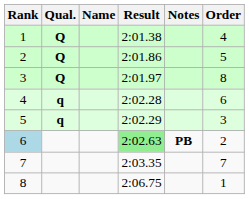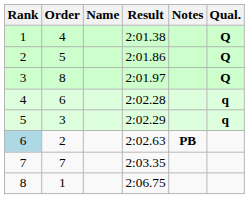 <table class="wikitable sortable" style="text-align:center">
 <tr>
 <th>Rank</th>
-<th>Qual.</th>
+<th>Order</th>
 <th>Name</th>
 <th>Result</th>
 <th>Notes</th>
-<th>Order</th>
+<th>Qual.</th>
 </tr>
 <tr style="background:#cfc;">
 <td>1</td>
-<td><strong>Q</strong></td>
+<td>4</td>
 <td align="left"></td>
 <td>2:01.38</td>
 <td></td>
-<td>4</td>
+<td><strong>Q</strong></td>
 </tr>
 <tr style="background:#cfc;">
 <td>2</td>
-<td><strong>Q</strong></td>
+<td>5</td>
 <td align="left"></td>
 <td>2:01.86</td>
 <td></td>
-<td>5</td>
+<td><strong>Q</strong></td>
 </tr>
 <tr style="background:#cfc;">
 <td>3</td>
-<td><strong>Q</strong></td>
+<td>8</td>
 <td align="left"></td>
 <td>2:01.97</td>
 <td></td>
-<td>8</td>
+<td><strong>Q</strong></td>
 </tr>
 <tr style="background:#dfd;">
 <td>4</td>
-<td><strong>q</strong></td>
+<td>6</td>
 <td align="left"></td>
 <td>2:02.28</td>
 <td></td>
-<td>6</td>
+<td><strong>q</strong></td>
 </tr>
 <tr style="background:#dfd;">
 <td>5</td>
-<td><strong>q</strong></td>
+<td>3</td>
 <td align="left"></td>
 <td>2:02.29</td>
 <td></td>
-<td>3</td>
+<td><strong>q</strong></td>
 </tr>
 <tr>
 <td style="background: lightblue;">6</td>
+<td>2</td>
+<td align="left"></td>
+<td>2:02.63</td>
+<td><strong>PB</strong></td>
 <td></td>
-<td align="left"></td>
-<td style="background: lightgreen;">2:02.63</td>
-<td><strong>PB</strong></td>
-<td>2</td>
 </tr>
 <tr>
 <td>7</td>
-<td></td>
+<td>7</td>
 <td align="left"></td>
 <td>2:03.35</td>
 <td></td>
-<td>7</td>
+<td></td>
 </tr>
 <tr>
 <td>8</td>
-<td></td>
+<td>1</td>
 <td align="left"></td>
 <td>2:06.75</td>
 <td></td>
-<td>1</td>
+<td></td>
 </tr>
 </table>
